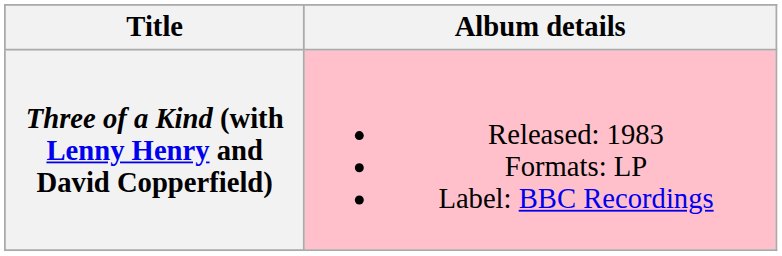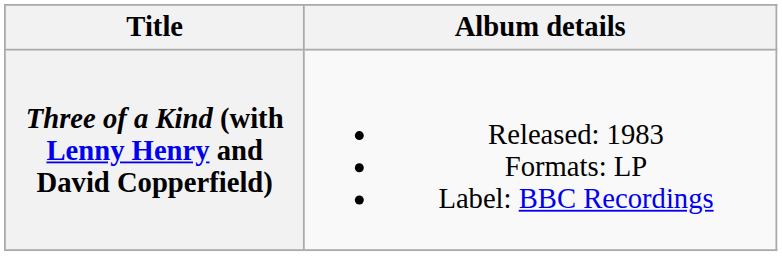 <table class="wikitable plainrowheaders" style="text-align:center;" border="2">
 <tr>
 <th scope="col" style="width:10em;">Title</th>
 <th scope="col" style="width:16em;">Album details</th>
 </tr>
 <tr>
 <th scope="row"><em>Three of a Kind</em> (with <a href='#'>Lenny Henry</a> and David Copperfield)</th>
-<td style="background: pink;"><br><ul><li>Released: 1983</li><li>Formats: LP</li><li>Label: <a href='#'>BBC Recordings</a></li></ul></td>
+<td><br><ul><li>Released: 1983</li><li>Formats: LP</li><li>Label: <a href='#'>BBC Recordings</a></li></ul></td>
 </tr>
 </table>
